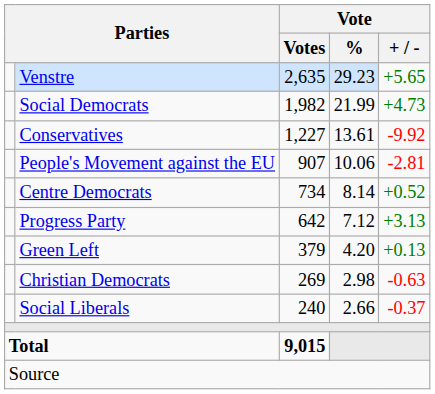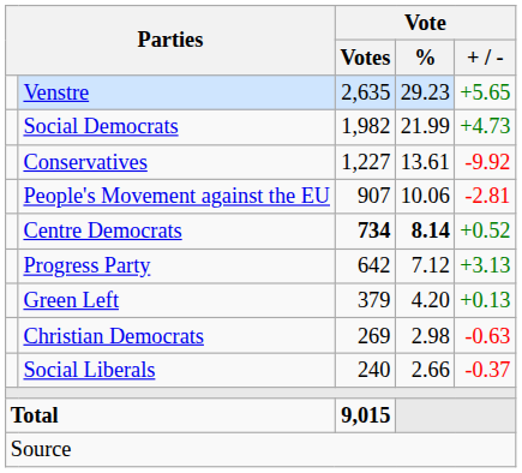 <table class="wikitable" style="text-align:right;">
 <tr>
 <th style="text-align:centre;" rowspan="2" colspan="2" width="225">Parties</th>
 <th colspan="3">Vote</th>
 </tr>
 <tr>
 <th width="15">Votes</th>
 <th width="15">%</th>
 <th width="15">+ / -</th>
 </tr>
 <tr>
 <td width="2" style="color:inherit;background:"></td>
 <td bgcolor=#cfe5fe   align="left"><a href='#'>Venstre</a></td>
 <td bgcolor=#cfe5fe>2,635</td>
 <td bgcolor=#cfe5fe>29.23</td>
 <td style=color:green;>+5.65</td>
 </tr>
 <tr>
 <td width="2" style="color:inherit;background:"></td>
 <td align="left"><a href='#'>Social Democrats</a></td>
 <td>1,982</td>
 <td>21.99</td>
 <td style=color:green;>+4.73</td>
 </tr>
 <tr>
 <td width="2" style="color:inherit;background:"></td>
 <td align="left"><a href='#'>Conservatives</a></td>
 <td>1,227</td>
 <td>13.61</td>
 <td style=color:red;>-9.92</td>
 </tr>
 <tr>
 <td width="2" style="color:inherit;background:"></td>
 <td align="left"><a href='#'>People's Movement against the EU</a></td>
 <td>907</td>
 <td>10.06</td>
 <td style=color:red;>-2.81</td>
 </tr>
 <tr>
 <td width="2" style="color:inherit;background:"></td>
 <td align="left"><a href='#'>Centre Democrats</a></td>
-<td>734</td>
-<td>8.14</td>
+<td><strong>734</strong></td>
+<td><strong>8.14</strong></td>
 <td style=color:green;>+0.52</td>
 </tr>
 <tr>
 <td width="2" style="color:inherit;background:"></td>
 <td align="left"><a href='#'>Progress Party</a></td>
 <td>642</td>
 <td>7.12</td>
 <td style=color:green;>+3.13</td>
 </tr>
 <tr>
 <td width="2" style="color:inherit;background:"></td>
 <td align="left"><a href='#'>Green Left</a></td>
 <td>379</td>
 <td>4.20</td>
 <td style=color:green;>+0.13</td>
 </tr>
 <tr>
 <td width="2" style="color:inherit;background:"></td>
 <td align="left"><a href='#'>Christian Democrats</a></td>
 <td>269</td>
 <td>2.98</td>
 <td style=color:red;>-0.63</td>
 </tr>
 <tr>
 <td width="2" style="color:inherit;background:"></td>
 <td align="left"><a href='#'>Social Liberals</a></td>
 <td>240</td>
 <td>2.66</td>
 <td style=color:red;>-0.37</td>
 </tr>
 <tr>
 <td colspan="7" bgcolor="#E9E9E9"></td>
 </tr>
 <tr>
 <td align="left" colspan="2"><strong>Total</strong></td>
 <td><strong>9,015</strong></td>
 <td bgcolor="#E9E9E9" colspan="2"></td>
 </tr>
 <tr>
 <td align="left" colspan="6">Source</td>
 </tr>
 </table>
